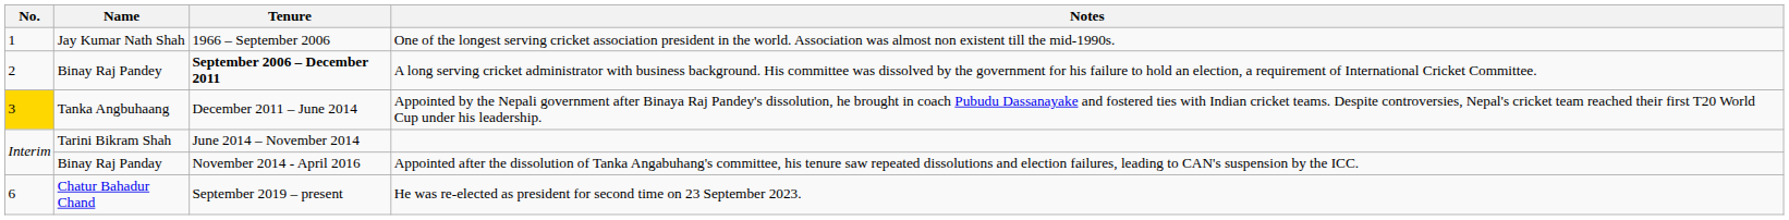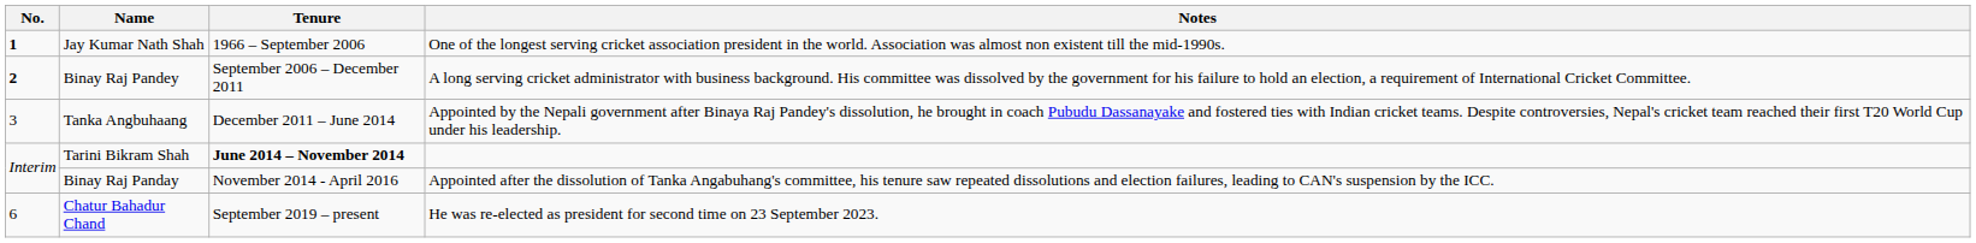 <table class="wikitable sortable">
 <tr>
 <th>No.</th>
 <th>Name</th>
 <th>Tenure</th>
 <th>Notes</th>
 </tr>
 <tr>
-<td>1</td>
+<td><strong>1</strong></td>
 <td>Jay Kumar Nath Shah</td>
 <td>1966 – September 2006 </td>
 <td>One of the longest serving cricket association president in the world. Association was almost non existent till the mid-1990s.</td>
 </tr>
 <tr>
-<td>2</td>
+<td><strong>2</strong></td>
 <td>Binay Raj Pandey</td>
-<td><strong>September 2006 – December 2011</strong></td>
+<td>September 2006 – December 2011</td>
 <td>A long serving cricket administrator with business background. His committee was dissolved by the government for his failure to hold an election, a requirement of International Cricket Committee.</td>
 </tr>
 <tr>
-<td style="background: gold;">3</td>
+<td>3</td>
 <td>Tanka Angbuhaang</td>
 <td>December 2011 – June 2014</td>
 <td>Appointed by the Nepali government after Binaya Raj Pandey's dissolution, he brought in coach <a href='#'>Pubudu Dassanayake</a> and fostered ties with Indian cricket teams. Despite controversies, Nepal's cricket team reached their first T20 World Cup under his leadership.</td>
 </tr>
 <tr>
 <td rowspan=2><em>Interim</em></td>
 <td>Tarini Bikram Shah</td>
-<td>June 2014 – November 2014</td>
+<td><strong>June 2014 – November 2014</strong></td>
 <td></td>
 </tr>
 <tr>
 <td>Binay Raj Panday</td>
 <td>November 2014 - April 2016</td>
 <td>Appointed after the dissolution of Tanka Angabuhang's committee, his tenure saw repeated dissolutions and election failures, leading to CAN's suspension by the ICC.</td>
 </tr>
 <tr>
 <td>6</td>
 <td><a href='#'>Chatur Bahadur Chand</a></td>
 <td>September 2019 – present</td>
 <td>He was re-elected as president for second time on 23 September 2023.</td>
 </tr>
 </table>
